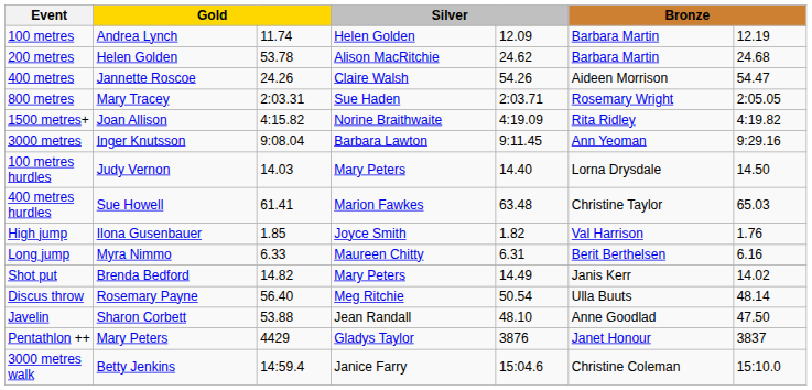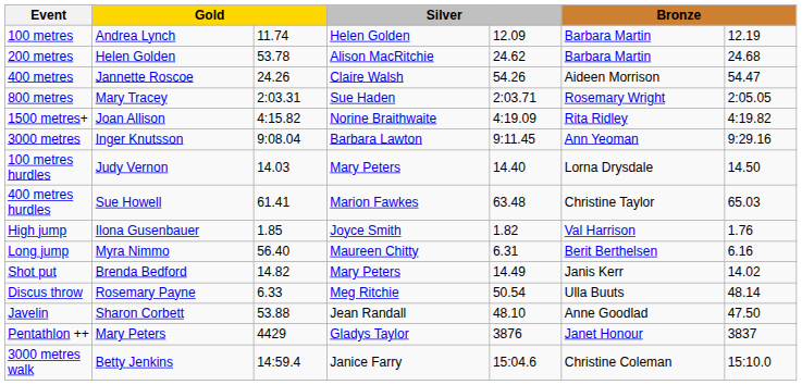 <table class="wikitable" style="text-align:left">
 <tr>
 <th width=100>Event</th>
 <th colspan="2" width="280" style="background:gold;">Gold</th>
 <th colspan="2" width="280" style="background:silver;">Silver</th>
 <th colspan="2" width="280" style="background:#CD7F32;">Bronze</th>
 </tr>
 <tr>
 <td><a href='#'>100 metres</a></td>
 <td><a href='#'>Andrea Lynch</a></td>
 <td>11.74</td>
 <td> <a href='#'>Helen Golden</a></td>
 <td>12.09</td>
 <td><a href='#'>Barbara Martin</a></td>
 <td>12.19</td>
 </tr>
 <tr>
 <td><a href='#'>200 metres</a></td>
 <td> <a href='#'>Helen Golden</a></td>
 <td>53.78</td>
 <td> <a href='#'>Alison MacRitchie</a></td>
 <td>24.62</td>
 <td><a href='#'>Barbara Martin</a></td>
 <td>24.68</td>
 </tr>
 <tr>
 <td><a href='#'>400 metres</a></td>
 <td><a href='#'>Jannette Roscoe</a></td>
 <td>24.26</td>
 <td> <a href='#'>Claire Walsh</a></td>
 <td>54.26</td>
 <td> Aideen Morrison</td>
 <td>54.47</td>
 </tr>
 <tr>
 <td><a href='#'>800 metres</a></td>
 <td> <a href='#'>Mary Tracey</a></td>
 <td>2:03.31</td>
 <td> <a href='#'>Sue Haden</a></td>
 <td>2:03.71</td>
 <td> <a href='#'>Rosemary Wright</a></td>
 <td>2:05.05</td>
 </tr>
 <tr>
 <td><a href='#'>1500 metres</a>+</td>
 <td><a href='#'>Joan Allison</a></td>
 <td>4:15.82</td>
 <td><a href='#'>Norine Braithwaite</a></td>
 <td>4:19.09</td>
 <td><a href='#'>Rita Ridley</a></td>
 <td>4:19.82</td>
 </tr>
 <tr>
 <td><a href='#'>3000 metres</a></td>
 <td> <a href='#'>Inger Knutsson</a></td>
 <td>9:08.04</td>
 <td><a href='#'>Barbara Lawton</a></td>
 <td>9:11.45</td>
 <td><a href='#'>Ann Yeoman</a></td>
 <td>9:29.16</td>
 </tr>
 <tr>
 <td><a href='#'>100 metres hurdles</a></td>
 <td><a href='#'>Judy Vernon</a></td>
 <td>14.03</td>
 <td> <a href='#'>Mary Peters</a></td>
 <td>14.40</td>
 <td>Lorna Drysdale</td>
 <td>14.50</td>
 </tr>
 <tr>
 <td><a href='#'>400 metres hurdles</a></td>
 <td><a href='#'>Sue Howell</a></td>
 <td>61.41</td>
 <td><a href='#'>Marion Fawkes</a></td>
 <td>63.48</td>
 <td>Christine Taylor</td>
 <td>65.03</td>
 </tr>
 <tr>
 <td><a href='#'>High jump</a></td>
 <td> <a href='#'>Ilona Gusenbauer</a></td>
 <td>1.85</td>
 <td><a href='#'>Joyce Smith</a></td>
 <td>1.82</td>
 <td><a href='#'>Val Harrison</a></td>
 <td>1.76</td>
 </tr>
 <tr>
 <td><a href='#'>Long jump</a></td>
 <td> <a href='#'>Myra Nimmo</a></td>
-<td>6.33</td>
+<td>56.40</td>
 <td><a href='#'>Maureen Chitty</a></td>
 <td>6.31</td>
 <td> <a href='#'>Berit Berthelsen</a></td>
 <td>6.16</td>
 </tr>
 <tr>
 <td><a href='#'>Shot put</a></td>
 <td><a href='#'>Brenda Bedford</a></td>
 <td>14.82</td>
 <td> <a href='#'>Mary Peters</a></td>
 <td>14.49</td>
 <td>Janis Kerr</td>
 <td>14.02</td>
 </tr>
 <tr>
 <td><a href='#'>Discus throw</a></td>
 <td> <a href='#'>Rosemary Payne</a></td>
-<td>56.40</td>
+<td>6.33</td>
 <td> <a href='#'>Meg Ritchie</a></td>
 <td>50.54</td>
 <td> Ulla Buuts</td>
 <td>48.14</td>
 </tr>
 <tr>
 <td><a href='#'>Javelin</a></td>
 <td><a href='#'>Sharon Corbett</a></td>
 <td>53.88</td>
 <td>Jean Randall</td>
 <td>48.10</td>
 <td>Anne Goodlad</td>
 <td>47.50</td>
 </tr>
 <tr>
 <td><a href='#'>Pentathlon</a> ++</td>
 <td> <a href='#'>Mary Peters</a></td>
 <td>4429</td>
 <td><a href='#'>Gladys Taylor</a></td>
 <td>3876</td>
 <td><a href='#'>Janet Honour</a></td>
 <td>3837</td>
 </tr>
 <tr>
 <td><a href='#'>3000 metres walk</a></td>
 <td><a href='#'>Betty Jenkins</a></td>
 <td>14:59.4</td>
 <td>Janice Farry</td>
 <td>15:04.6</td>
 <td>Christine Coleman</td>
 <td>15:10.0</td>
 </tr>
 </table>
